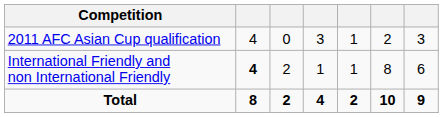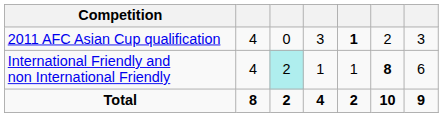 <table class="wikitable" style="text-align: center;">
 <tr>
 <th width=250>Competition</th>
 <th width=30></th>
 <th width=30></th>
 <th width=30></th>
 <th width=30></th>
 <th width=30></th>
 <th width=30></th>
 </tr>
 <tr>
 <td align="left"><a href='#'>2011 AFC Asian Cup qualification</a></td>
 <td>4</td>
 <td>0</td>
 <td>3</td>
-<td>1</td>
+<td><strong>1</strong></td>
 <td>2</td>
 <td>3</td>
 </tr>
 <tr>
 <td align="left"><a href='#'>International Friendly and <br> non International Friendly</a></td>
-<td><strong>4</strong></td>
-<td>2</td>
+<td>4</td>
+<td style="background: paleturquoise;">2</td>
 <td>1</td>
 <td>1</td>
-<td>8</td>
+<td><strong>8</strong></td>
 <td>6</td>
 </tr>
 <tr>
 <td><strong>Total</strong></td>
 <td><strong>8</strong></td>
 <td><strong>2</strong></td>
 <td><strong>4</strong></td>
 <td><strong>2</strong></td>
 <td><strong>10</strong></td>
 <td><strong>9</strong></td>
 </tr>
 </table>
